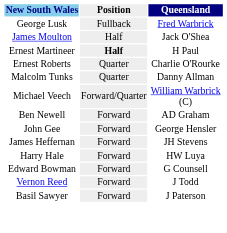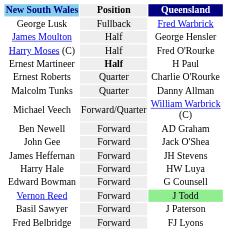 <table align=right style="margin-left:4em">
 <tr>
 <th width="120" style="text-align: center; background:#87ceeb; color:navy">New South Wales</th>
 <th style="background:#eeeeee">Position</th>
 <th width="120" style="text-align: center; background:#000080; color:white">Queensland</th>
 </tr>
 <tr>
 <td style="text-align: center">George Lusk</td>
 <td style="text-align: center; background:#eeeeee">Fullback</td>
 <td style="text-align: center"><a href='#'>Fred Warbrick</a></td>
 </tr>
 <tr>
 <td style="text-align: center"><a href='#'>James Moulton</a></td>
 <td style="text-align: center; background:#eeeeee">Half</td>
-<td style="text-align: center">Jack O'Shea</td>
+<td style="text-align: center">George Hensler</td>
+</tr>
+<tr>
+<td style="text-align: center"><a href='#'>Harry Moses</a> (C)</td>
+<td style="text-align: center; background:#eeeeee">Half</td>
+<td style="text-align: center">Fred O'Rourke</td>
 </tr>
 <tr>
 <td style="text-align: center">Ernest Martineer</td>
 <td style="text-align: center; background:#eeeeee"><strong>Half</strong></td>
 <td style="text-align: center">H Paul</td>
 </tr>
 <tr>
 <td style="text-align: center">Ernest Roberts</td>
 <td style="text-align: center; background:#eeeeee">Quarter</td>
 <td style="text-align: center">Charlie O'Rourke</td>
 </tr>
 <tr>
 <td style="text-align: center">Malcolm Tunks</td>
 <td style="text-align: center; background:#eeeeee">Quarter</td>
 <td style="text-align: center">Danny Allman</td>
 </tr>
 <tr>
 <td style="text-align: center">Michael Veech</td>
 <td style="text-align: center; background:#eeeeee">Forward/Quarter</td>
 <td style="text-align: center"><a href='#'>William Warbrick</a> (C)</td>
 </tr>
 <tr>
 <td style="text-align: center">Ben Newell</td>
 <td style="text-align: center; background:#eeeeee">Forward</td>
 <td style="text-align: center">AD Graham</td>
 </tr>
 <tr>
 <td style="text-align: center">John Gee</td>
 <td style="text-align: center; background:#eeeeee">Forward</td>
-<td style="text-align: center">George Hensler</td>
+<td style="text-align: center">Jack O'Shea</td>
 </tr>
 <tr>
 <td style="text-align: center">James Heffernan</td>
 <td style="text-align: center; background:#eeeeee">Forward</td>
 <td style="text-align: center">JH Stevens</td>
 </tr>
 <tr>
 <td style="text-align: center">Harry Hale</td>
 <td style="text-align: center; background:#eeeeee">Forward</td>
 <td style="text-align: center">HW Luya</td>
 </tr>
 <tr>
 <td style="text-align: center">Edward Bowman</td>
 <td style="text-align: center; background:#eeeeee">Forward</td>
 <td style="text-align: center">G Counsell</td>
 </tr>
 <tr>
 <td style="text-align: center"><a href='#'>Vernon Reed</a></td>
 <td style="text-align: center; background:#eeeeee">Forward</td>
-<td style="text-align: center">J Todd</td>
+<td style="background: lightgreen; text-align: center">J Todd</td>
 </tr>
 <tr>
 <td style="text-align: center">Basil Sawyer</td>
 <td style="text-align: center; background:#eeeeee">Forward</td>
 <td style="text-align: center">J Paterson</td>
 </tr>
+<tr>
+<td style="text-align: center">Fred Belbridge</td>
+<td style="text-align: center; background:#eeeeee">Forward</td>
+<td style="text-align: center">FJ Lyons</td>
+</tr>
 </table>
